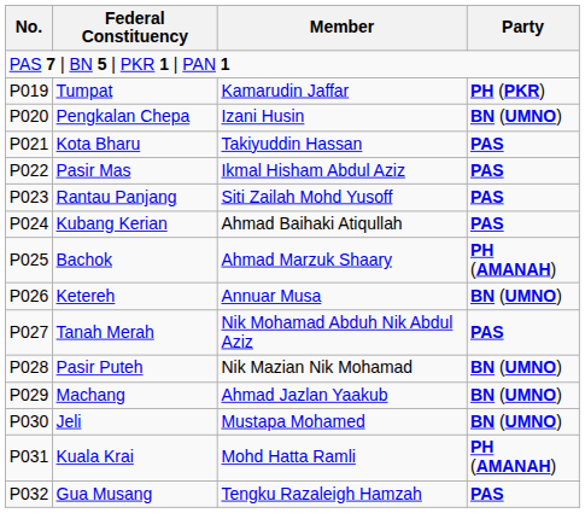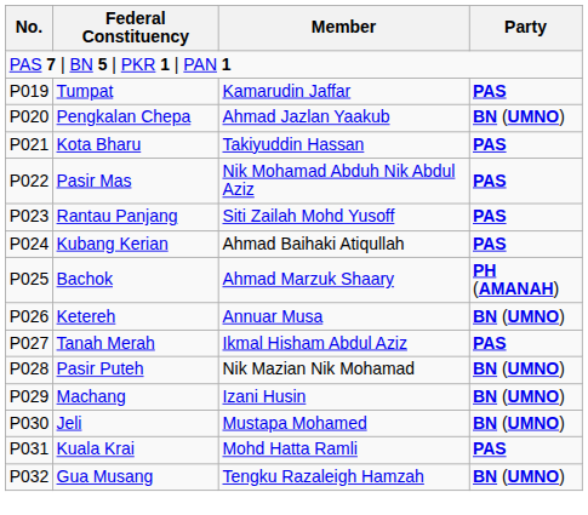 <table class ="wikitable sortable">
 <tr>
 <th style="width:30px;">No.</th>
 <th style="width:150px;">Federal Constituency</th>
 <th style="width:230px;">Member</th>
 <th style="width:100px;">Party</th>
 </tr>
 <tr>
 <td colspan="4"><a href='#'>PAS</a> <strong>7</strong> | <a href='#'>BN</a> <strong>5</strong> | <a href='#'>PKR</a> <strong>1</strong> | <a href='#'>PAN</a> <strong>1</strong></td>
 </tr>
 <tr>
 <td>P019</td>
 <td><a href='#'>Tumpat</a></td>
 <td><a href='#'>Kamarudin Jaffar</a></td>
-<td><strong><a href='#'>PH</a></strong> (<strong><a href='#'>PKR</a></strong>)</td>
+<td><strong><a href='#'>PAS</a></strong></td>
 </tr>
 <tr>
 <td>P020</td>
 <td><a href='#'>Pengkalan Chepa</a></td>
-<td><a href='#'>Izani Husin</a></td>
+<td><a href='#'>Ahmad Jazlan Yaakub</a></td>
 <td><strong><a href='#'>BN</a></strong> (<strong><a href='#'>UMNO</a></strong>)</td>
 </tr>
 <tr>
 <td>P021</td>
 <td><a href='#'>Kota Bharu</a></td>
 <td><a href='#'>Takiyuddin Hassan</a></td>
 <td><strong><a href='#'>PAS</a></strong></td>
 </tr>
 <tr>
 <td>P022</td>
 <td><a href='#'>Pasir Mas</a></td>
-<td><a href='#'> Ikmal Hisham Abdul Aziz</a></td>
+<td><a href='#'>Nik Mohamad Abduh Nik Abdul Aziz</a></td>
 <td><strong><a href='#'>PAS</a></strong></td>
 </tr>
 <tr>
 <td>P023</td>
 <td><a href='#'>Rantau Panjang</a></td>
 <td><a href='#'>Siti Zailah Mohd Yusoff</a></td>
 <td><strong><a href='#'>PAS</a></strong></td>
 </tr>
 <tr>
 <td>P024</td>
 <td><a href='#'>Kubang Kerian</a></td>
 <td>Ahmad Baihaki Atiqullah</td>
 <td><strong><a href='#'>PAS</a></strong></td>
 </tr>
 <tr>
 <td>P025</td>
 <td><a href='#'>Bachok</a></td>
 <td><a href='#'>Ahmad Marzuk Shaary</a></td>
 <td><strong><a href='#'>PH</a></strong> (<strong><a href='#'>AMANAH</a></strong>)</td>
 </tr>
 <tr>
 <td>P026</td>
 <td><a href='#'>Ketereh</a></td>
 <td><a href='#'>Annuar Musa</a></td>
 <td><strong><a href='#'>BN</a></strong> (<strong><a href='#'>UMNO</a></strong>)</td>
 </tr>
 <tr>
 <td>P027</td>
 <td><a href='#'>Tanah Merah</a></td>
-<td><a href='#'>Nik Mohamad Abduh Nik Abdul Aziz</a></td>
+<td><a href='#'> Ikmal Hisham Abdul Aziz</a></td>
 <td><strong><a href='#'>PAS</a></strong></td>
 </tr>
 <tr>
 <td>P028</td>
 <td><a href='#'>Pasir Puteh</a></td>
 <td>Nik Mazian Nik Mohamad</td>
 <td><strong><a href='#'>BN</a></strong> (<strong><a href='#'>UMNO</a></strong>)</td>
 </tr>
 <tr>
 <td>P029</td>
 <td><a href='#'>Machang</a></td>
-<td><a href='#'>Ahmad Jazlan Yaakub</a></td>
+<td><a href='#'>Izani Husin</a></td>
 <td><strong><a href='#'>BN</a></strong> (<strong><a href='#'>UMNO</a></strong>)</td>
 </tr>
 <tr>
 <td>P030</td>
 <td><a href='#'>Jeli</a></td>
 <td><a href='#'>Mustapa Mohamed</a></td>
 <td><strong><a href='#'>BN</a></strong> (<strong><a href='#'>UMNO</a></strong>)</td>
 </tr>
 <tr>
 <td>P031</td>
 <td><a href='#'>Kuala Krai</a></td>
 <td><a href='#'>Mohd Hatta Ramli</a></td>
-<td><strong><a href='#'>PH</a></strong> (<strong><a href='#'>AMANAH</a></strong>)</td>
+<td><strong><a href='#'>PAS</a></strong></td>
 </tr>
 <tr>
 <td>P032</td>
 <td><a href='#'>Gua Musang</a></td>
 <td><a href='#'>Tengku Razaleigh Hamzah</a></td>
-<td><strong><a href='#'>PAS</a></strong></td>
+<td><strong><a href='#'>BN</a></strong> (<strong><a href='#'>UMNO</a></strong>)</td>
 </tr>
 </table>
